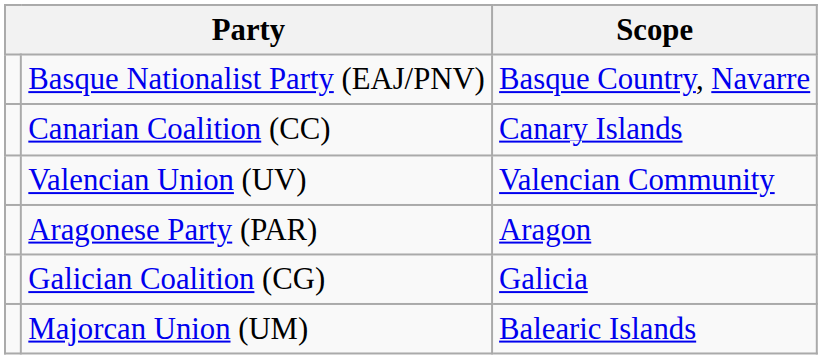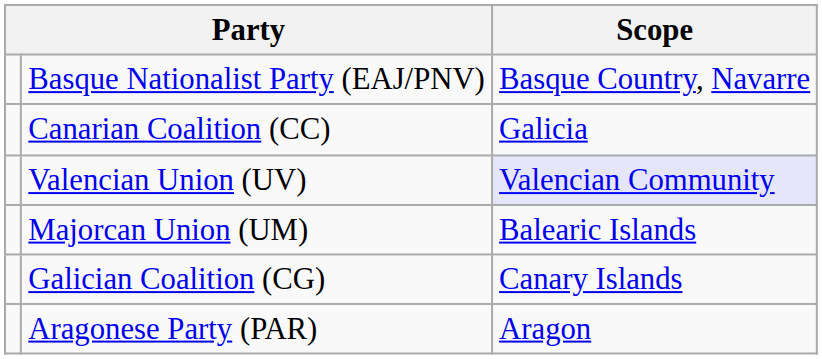 <table class="wikitable" style="text-align:left; font-size:97%;">
 <tr>
 <th colspan="2">Party</th>
 <th>Scope</th>
 </tr>
 <tr>
 <td width="1"></td>
 <td><a href='#'>Basque Nationalist Party</a> (EAJ/PNV)</td>
 <td><a href='#'>Basque Country</a>, <a href='#'>Navarre</a></td>
 </tr>
 <tr>
 <td></td>
 <td><a href='#'>Canarian Coalition</a> (CC)</td>
-<td><a href='#'>Canary Islands</a></td>
+<td><a href='#'>Galicia</a></td>
 </tr>
 <tr>
 <td></td>
 <td><a href='#'>Valencian Union</a> (UV)</td>
-<td><a href='#'>Valencian Community</a></td>
+<td style="background: lavender;"><a href='#'>Valencian Community</a></td>
+</tr>
+<tr>
+<td></td>
+<td><a href='#'>Majorcan Union</a> (UM)</td>
+<td><a href='#'>Balearic Islands</a></td>
+</tr>
+<tr>
+<td></td>
+<td><a href='#'>Galician Coalition</a> (CG)</td>
+<td><a href='#'>Canary Islands</a></td>
 </tr>
 <tr>
 <td></td>
 <td><a href='#'>Aragonese Party</a> (PAR)</td>
 <td><a href='#'>Aragon</a></td>
 </tr>
-<tr>
-<td></td>
-<td><a href='#'>Galician Coalition</a> (CG)</td>
-<td><a href='#'>Galicia</a></td>
-</tr>
-<tr>
-<td></td>
-<td><a href='#'>Majorcan Union</a> (UM)</td>
-<td><a href='#'>Balearic Islands</a></td>
-</tr>
 </table>
